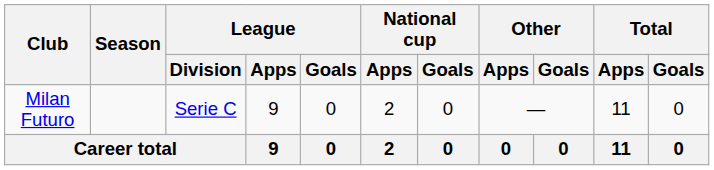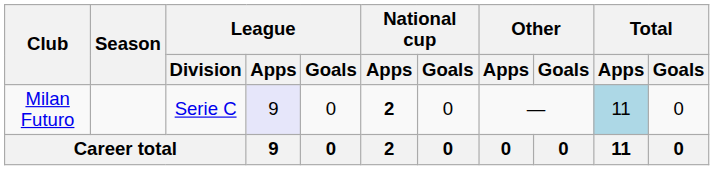 <table class="wikitable" style="text-align:center">
 <tr>
 <th rowspan="2">Club</th>
 <th rowspan="2">Season</th>
 <th colspan="3">League</th>
 <th colspan="2">National cup</th>
 <th colspan="2">Other</th>
 <th colspan="2">Total</th>
 </tr>
 <tr>
 <th>Division</th>
 <th>Apps</th>
 <th>Goals</th>
 <th>Apps</th>
 <th>Goals</th>
 <th>Apps</th>
 <th>Goals</th>
 <th>Apps</th>
 <th>Goals</th>
 </tr>
 <tr>
 <td><a href='#'>Milan Futuro</a></td>
 <td></td>
 <td><a href='#'>Serie C</a></td>
-<td>9</td>
+<td style="background: lavender;">9</td>
 <td>0</td>
-<td>2</td>
+<td><strong>2</strong></td>
 <td>0</td>
 <td colspan="2">—</td>
-<td>11</td>
+<td style="background: lightblue;">11</td>
 <td>0</td>
 </tr>
 <tr>
 <th colspan="3">Career total</th>
 <th>9</th>
 <th>0</th>
 <th>2</th>
 <th>0</th>
 <th>0</th>
 <th>0</th>
 <th>11</th>
 <th>0</th>
 </tr>
 </table>
